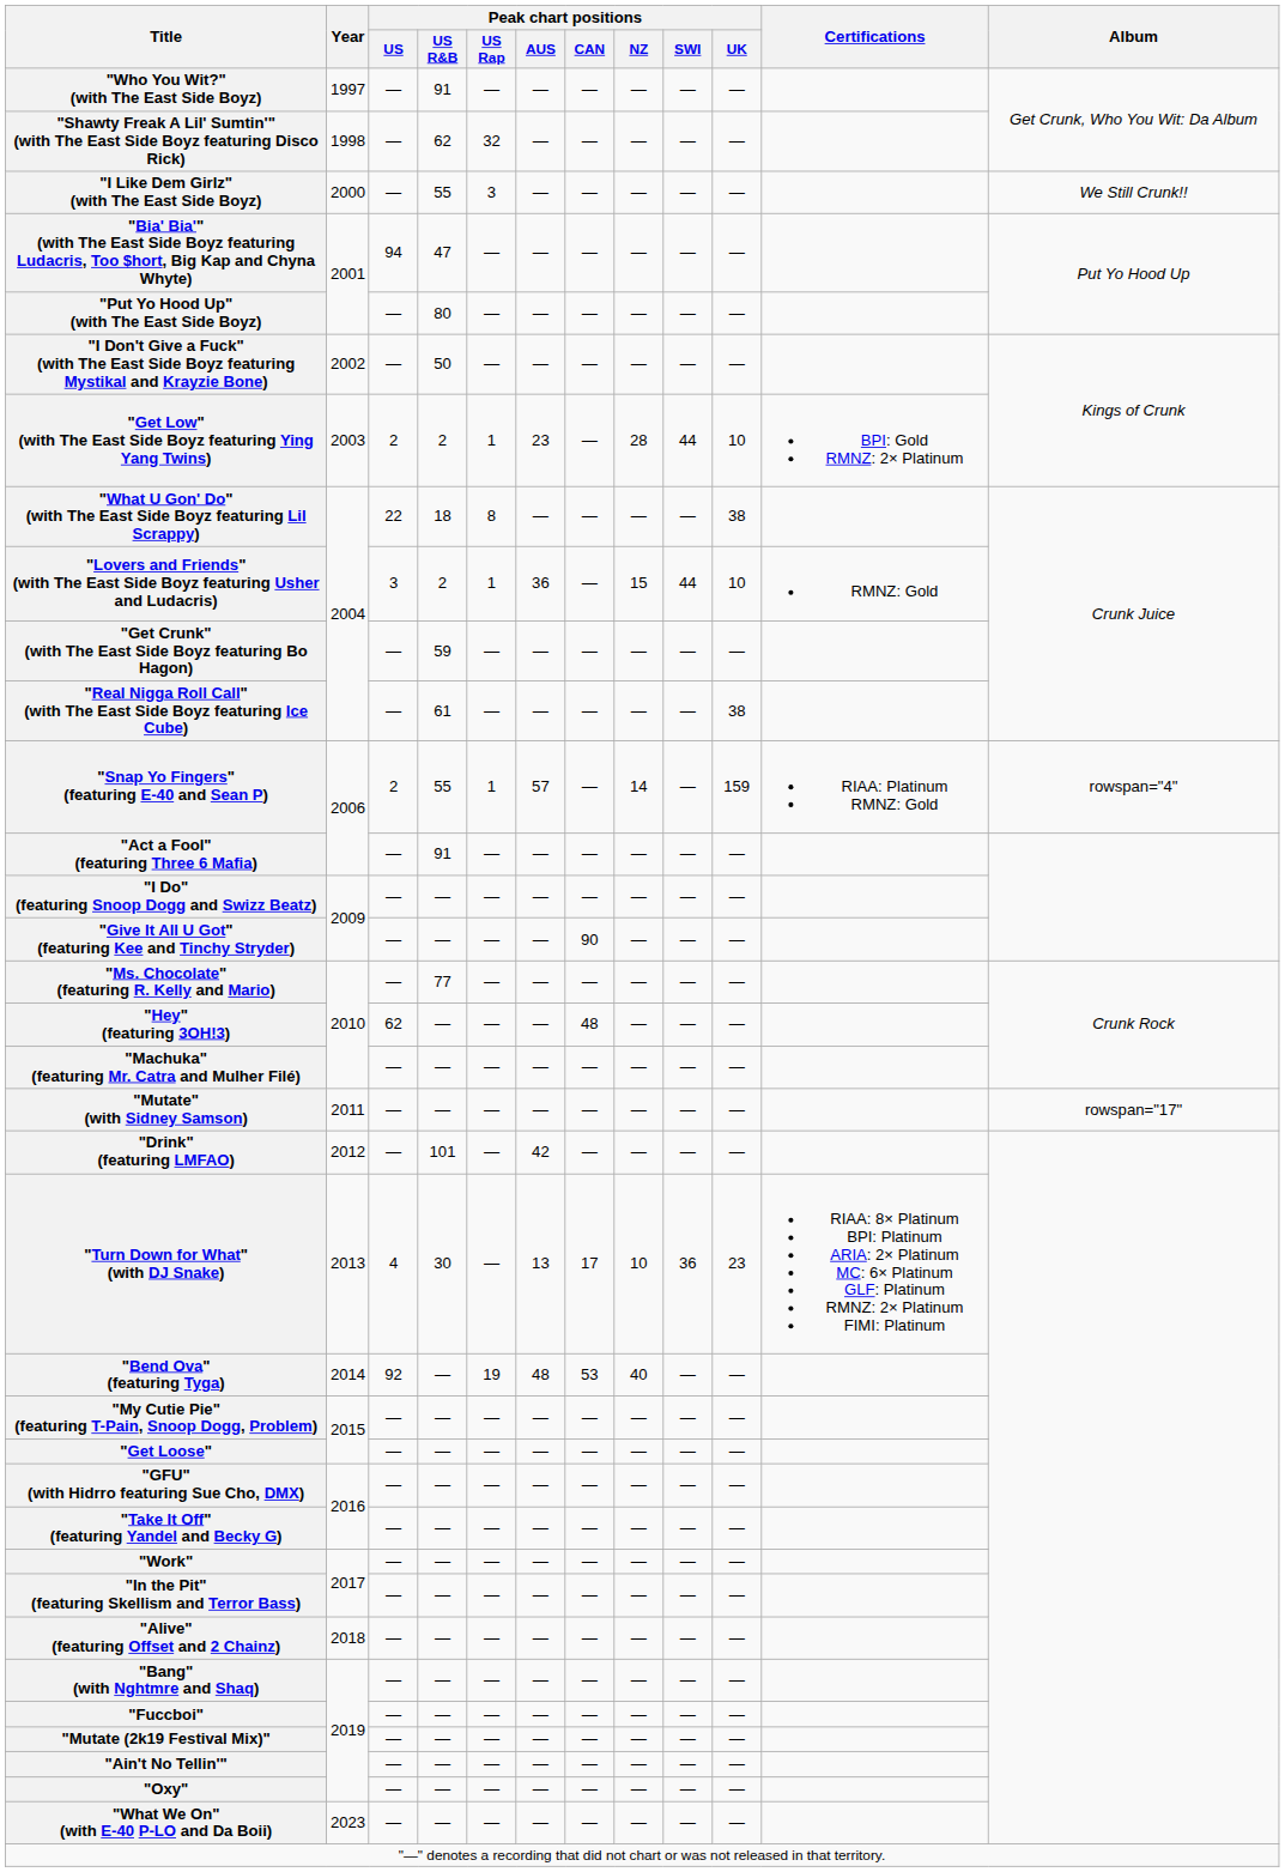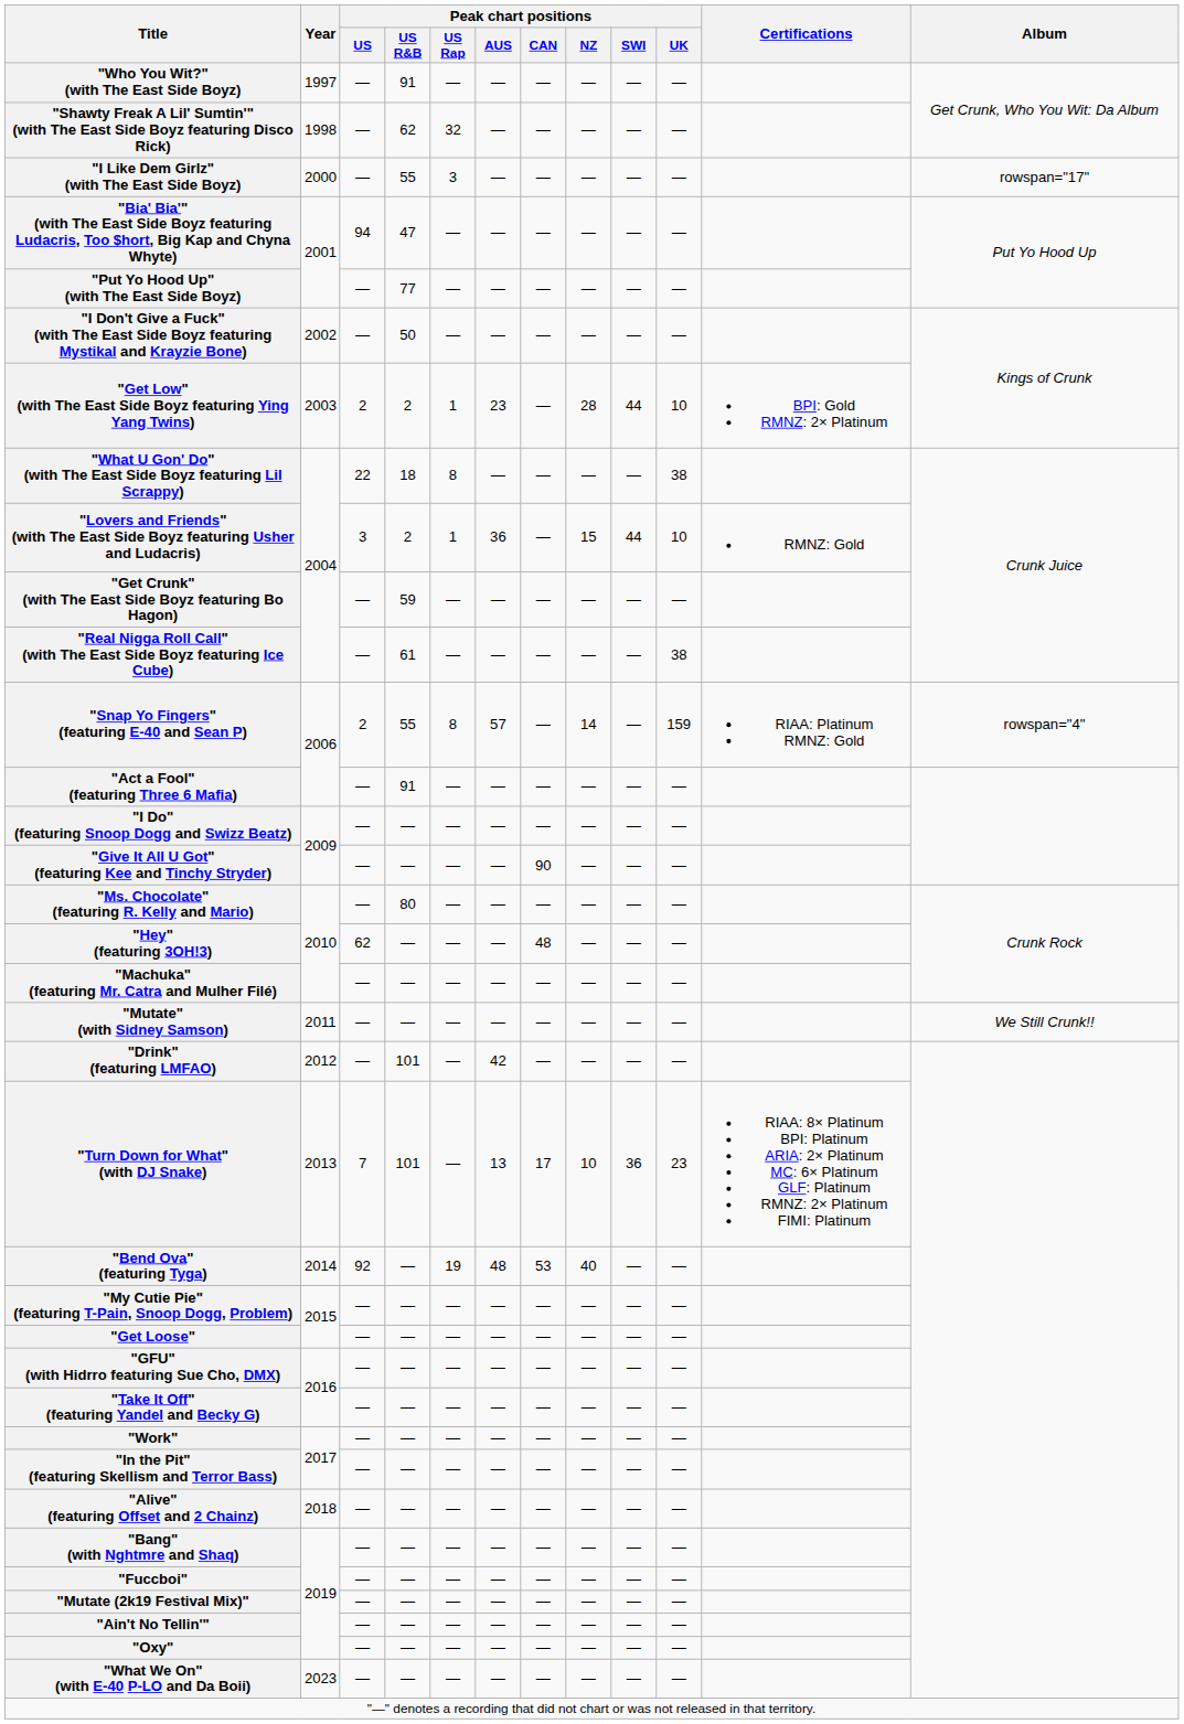 <table class="wikitable plainrowheaders" style="text-align:center;" border="1">
 <tr>
 <th scope="col" rowspan="2" style="width:20em;">Title</th>
 <th scope="col" rowspan="2" style="width:1em;">Year</th>
 <th scope="col" colspan="8">Peak chart positions</th>
 <th scope="col" rowspan="2" style="width:14em;"><a href='#'>Certifications</a></th>
 <th scope="col" rowspan="2" style="width:18em;">Album</th>
 </tr>
 <tr>
 <th style="width:3em; font-size:90%"><a href='#'>US</a><br></th>
 <th style="width:3em; font-size:90%"><a href='#'>US<br>R&B</a><br></th>
 <th style="width:3em; font-size:90%"><a href='#'>US<br>Rap</a><br></th>
 <th style="width:3em; font-size:90%"><a href='#'>AUS</a><br></th>
 <th style="width:3em; font-size:90%"><a href='#'>CAN</a><br></th>
 <th style="width:3em; font-size:90%"><a href='#'>NZ</a><br></th>
 <th style="width:3em; font-size:90%"><a href='#'>SWI</a><br></th>
 <th style="width:3em; font-size:90%"><a href='#'>UK</a><br></th>
 </tr>
 <tr>
 <th scope="row">"Who You Wit?"<br><span>(with The East Side Boyz)</span></th>
 <td>1997</td>
 <td>—</td>
 <td>91</td>
 <td>—</td>
 <td>—</td>
 <td>—</td>
 <td>—</td>
 <td>—</td>
 <td>—</td>
 <td></td>
 <td rowspan="2"><em>Get Crunk, Who You Wit: Da Album</em></td>
 </tr>
 <tr>
 <th scope="row">"Shawty Freak A Lil' Sumtin'"<br><span>(with The East Side Boyz featuring Disco Rick)</span></th>
 <td>1998</td>
 <td>—</td>
 <td>62</td>
 <td>32</td>
 <td>—</td>
 <td>—</td>
 <td>—</td>
 <td>—</td>
 <td>—</td>
 <td></td>
 </tr>
 <tr>
 <th scope="row">"I Like Dem Girlz"<br><span>(with The East Side Boyz)</span></th>
 <td>2000</td>
 <td>—</td>
 <td>55</td>
 <td>3</td>
 <td>—</td>
 <td>—</td>
 <td>—</td>
 <td>—</td>
 <td>—</td>
 <td></td>
-<td><em>We Still Crunk!!</em></td>
+<td>rowspan="17" </td>
 </tr>
 <tr>
 <th scope="row">"<a href='#'>Bia' Bia'</a>"<br><span>(with The East Side Boyz featuring <a href='#'>Ludacris</a>, <a href='#'>Too $hort</a>, Big Kap and Chyna Whyte)</span></th>
 <td rowspan="2">2001</td>
 <td>94</td>
 <td>47</td>
 <td>—</td>
 <td>—</td>
 <td>—</td>
 <td>—</td>
 <td>—</td>
 <td>—</td>
 <td></td>
 <td rowspan="2"><em>Put Yo Hood Up</em></td>
 </tr>
 <tr>
 <th scope="row">"Put Yo Hood Up"<br><span>(with The East Side Boyz)</span></th>
 <td>—</td>
-<td>80</td>
+<td>77</td>
 <td>—</td>
 <td>—</td>
 <td>—</td>
 <td>—</td>
 <td>—</td>
 <td>—</td>
 <td></td>
 </tr>
 <tr>
 <th scope="row">"I Don't Give a Fuck"<br><span>(with The East Side Boyz featuring <a href='#'>Mystikal</a> and <a href='#'>Krayzie Bone</a>)</span></th>
 <td>2002</td>
 <td>—</td>
 <td>50</td>
 <td>—</td>
 <td>—</td>
 <td>—</td>
 <td>—</td>
 <td>—</td>
 <td>—</td>
 <td></td>
 <td rowspan="2"><em>Kings of Crunk</em></td>
 </tr>
 <tr>
 <th scope="row">"<a href='#'>Get Low</a>"<br><span>(with The East Side Boyz featuring <a href='#'>Ying Yang Twins</a>)</span></th>
 <td>2003</td>
 <td>2</td>
 <td>2</td>
 <td>1</td>
 <td>23</td>
 <td>—</td>
 <td>28</td>
 <td>44</td>
 <td>10</td>
 <td><br><ul><li><a href='#'>BPI</a>: Gold</li><li><a href='#'>RMNZ</a>: 2× Platinum</li></ul></td>
 </tr>
 <tr>
 <th scope="row">"<a href='#'>What U Gon' Do</a>"<br><span>(with The East Side Boyz featuring <a href='#'>Lil Scrappy</a>)</span></th>
 <td rowspan="4">2004</td>
 <td>22</td>
 <td>18</td>
 <td>8</td>
 <td>—</td>
 <td>—</td>
 <td>—</td>
 <td>—</td>
 <td>38</td>
 <td></td>
 <td rowspan="4"><em>Crunk Juice</em></td>
 </tr>
 <tr>
 <th scope="row">"<a href='#'>Lovers and Friends</a>"<br><span>(with The East Side Boyz featuring <a href='#'>Usher</a> and Ludacris)</span></th>
 <td>3</td>
 <td>2</td>
 <td>1</td>
 <td>36</td>
 <td>—</td>
 <td>15</td>
 <td>44</td>
 <td>10</td>
 <td><br><ul><li>RMNZ: Gold</li></ul></td>
 </tr>
 <tr>
 <th scope="row">"Get Crunk"<br><span>(with The East Side Boyz featuring Bo Hagon)</span></th>
 <td>—</td>
 <td>59</td>
 <td>—</td>
 <td>—</td>
 <td>—</td>
 <td>—</td>
 <td>—</td>
 <td>—</td>
 </tr>
 <tr>
 <th scope="row">"<a href='#'>Real Nigga Roll Call</a>"<br><span>(with The East Side Boyz featuring <a href='#'>Ice Cube</a>)</span></th>
 <td>—</td>
 <td>61</td>
 <td>—</td>
 <td>—</td>
 <td>—</td>
 <td>—</td>
 <td>—</td>
 <td>38</td>
 <td></td>
 </tr>
 <tr>
 <th scope="row">"<a href='#'>Snap Yo Fingers</a>"<br><span>(featuring <a href='#'>E-40</a> and <a href='#'>Sean P</a>)</span></th>
 <td rowspan="2">2006</td>
 <td>2</td>
 <td>55</td>
-<td>1</td>
+<td>8</td>
 <td>57</td>
 <td>—</td>
 <td>14</td>
 <td>—</td>
 <td>159</td>
 <td><br><ul><li>RIAA: Platinum</li><li>RMNZ: Gold</li></ul></td>
 <td>rowspan="4" </td>
 </tr>
 <tr>
 <th scope="row">"Act a Fool"<br><span>(featuring <a href='#'>Three 6 Mafia</a>)</span></th>
 <td>—</td>
 <td>91</td>
 <td>—</td>
 <td>—</td>
 <td>—</td>
 <td>—</td>
 <td>—</td>
 <td>—</td>
 <td></td>
 </tr>
 <tr>
 <th scope="row">"I Do"<br><span>(featuring <a href='#'>Snoop Dogg</a> and <a href='#'>Swizz Beatz</a>)</span></th>
 <td rowspan="2">2009</td>
 <td>—</td>
 <td>—</td>
 <td>—</td>
 <td>—</td>
 <td>—</td>
 <td>—</td>
 <td>—</td>
 <td>—</td>
 <td></td>
 </tr>
 <tr>
 <th scope="row">"<a href='#'>Give It All U Got</a>"<br><span>(featuring <a href='#'>Kee</a> and <a href='#'>Tinchy Stryder</a>)</span></th>
 <td>—</td>
 <td>—</td>
 <td>—</td>
 <td>—</td>
 <td>90</td>
 <td>—</td>
 <td>—</td>
 <td>—</td>
 <td></td>
 </tr>
 <tr>
 <th scope="row">"<a href='#'>Ms. Chocolate</a>"<br><span>(featuring <a href='#'>R. Kelly</a> and <a href='#'>Mario</a>)</span></th>
 <td rowspan="3">2010</td>
 <td>—</td>
-<td>77</td>
+<td>80</td>
 <td>—</td>
 <td>—</td>
 <td>—</td>
 <td>—</td>
 <td>—</td>
 <td>—</td>
 <td></td>
 <td rowspan="3"><em>Crunk Rock</em></td>
 </tr>
 <tr>
 <th scope="row">"<a href='#'>Hey</a>"<br><span>(featuring <a href='#'>3OH!3</a>)</span></th>
 <td>62</td>
 <td>—</td>
 <td>—</td>
 <td>—</td>
 <td>48</td>
 <td>—</td>
 <td>—</td>
 <td>—</td>
 <td></td>
 </tr>
 <tr>
 <th scope="row">"Machuka"<br><span>(featuring <a href='#'>Mr. Catra</a> and Mulher Filé)</span></th>
 <td>—</td>
 <td>—</td>
 <td>—</td>
 <td>—</td>
 <td>—</td>
 <td>—</td>
 <td>—</td>
 <td>—</td>
 <td></td>
 </tr>
 <tr>
 <th scope="row">"Mutate"<br><span>(with <a href='#'>Sidney Samson</a>)</span></th>
 <td>2011</td>
 <td>—</td>
 <td>—</td>
 <td>—</td>
 <td>—</td>
 <td>—</td>
 <td>—</td>
 <td>—</td>
 <td>—</td>
 <td></td>
-<td>rowspan="17" </td>
+<td><em>We Still Crunk!!</em></td>
 </tr>
 <tr>
 <th scope="row">"Drink"<br><span>(featuring <a href='#'>LMFAO</a>)</span></th>
 <td>2012</td>
 <td>—</td>
 <td>101</td>
 <td>—</td>
 <td>42</td>
 <td>—</td>
 <td>—</td>
 <td>—</td>
 <td>—</td>
 <td></td>
 </tr>
 <tr>
 <th scope="row">"<a href='#'>Turn Down for What</a>"<br><span>(with <a href='#'>DJ Snake</a>)</span></th>
 <td>2013</td>
-<td>4</td>
-<td>30</td>
+<td>7</td>
+<td>101</td>
 <td>—</td>
 <td>13</td>
 <td>17</td>
 <td>10</td>
 <td>36</td>
 <td>23</td>
 <td><br><ul><li>RIAA: 8× Platinum</li><li>BPI: Platinum</li><li><a href='#'>ARIA</a>: 2× Platinum</li><li><a href='#'>MC</a>: 6× Platinum</li><li><a href='#'>GLF</a>: Platinum</li><li>RMNZ: 2× Platinum</li><li>FIMI: Platinum</li></ul></td>
 </tr>
 <tr>
 <th scope="row">"<a href='#'>Bend Ova</a>"<br><span>(featuring <a href='#'>Tyga</a>)</span></th>
 <td>2014</td>
 <td>92</td>
 <td>—</td>
 <td>19</td>
 <td>48</td>
 <td>53</td>
 <td>40</td>
 <td>—</td>
 <td>—</td>
 <td></td>
 </tr>
 <tr>
 <th scope="row">"My Cutie Pie"<br><span>(featuring <a href='#'>T-Pain</a>, <a href='#'>Snoop Dogg</a>, <a href='#'>Problem</a>)</span></th>
 <td rowspan="2">2015</td>
 <td>—</td>
 <td>—</td>
 <td>—</td>
 <td>—</td>
 <td>—</td>
 <td>—</td>
 <td>—</td>
 <td>—</td>
 <td></td>
 </tr>
 <tr>
 <th scope="row">"<a href='#'>Get Loose</a>"</th>
 <td>—</td>
 <td>—</td>
 <td>—</td>
 <td>—</td>
 <td>—</td>
 <td>—</td>
 <td>—</td>
 <td>—</td>
 <td></td>
 </tr>
 <tr>
 <th scope="row">"GFU"<br><span>(with Hidrro featuring Sue Cho, <a href='#'>DMX</a>)</span></th>
 <td rowspan="2">2016</td>
 <td>—</td>
 <td>—</td>
 <td>—</td>
 <td>—</td>
 <td>—</td>
 <td>—</td>
 <td>—</td>
 <td>—</td>
 <td></td>
 </tr>
 <tr>
 <th scope="row">"<a href='#'>Take It Off</a>"<br><span>(featuring <a href='#'>Yandel</a> and <a href='#'>Becky G</a>)</span></th>
 <td>—</td>
 <td>—</td>
 <td>—</td>
 <td>—</td>
 <td>—</td>
 <td>—</td>
 <td>—</td>
 <td>—</td>
 <td></td>
 </tr>
 <tr>
 <th scope="row">"Work"</th>
 <td rowspan="2">2017</td>
 <td>—</td>
 <td>—</td>
 <td>—</td>
 <td>—</td>
 <td>—</td>
 <td>—</td>
 <td>—</td>
 <td>—</td>
 <td></td>
 </tr>
 <tr>
 <th scope="row">"In the Pit"<br><span>(featuring Skellism and <a href='#'>Terror Bass</a>)</span></th>
 <td>—</td>
 <td>—</td>
 <td>—</td>
 <td>—</td>
 <td>—</td>
 <td>—</td>
 <td>—</td>
 <td>—</td>
 <td></td>
 </tr>
 <tr>
 <th scope="row">"Alive"<br><span>(featuring <a href='#'>Offset</a> and <a href='#'>2 Chainz</a>)</span></th>
 <td>2018</td>
 <td>—</td>
 <td>—</td>
 <td>—</td>
 <td>—</td>
 <td>—</td>
 <td>—</td>
 <td>—</td>
 <td>—</td>
 <td></td>
 </tr>
 <tr>
 <th scope="row">"Bang" <br><span>(with <a href='#'>Nghtmre</a> and <a href='#'>Shaq</a>)</span></th>
 <td rowspan="5">2019</td>
 <td>—</td>
 <td>—</td>
 <td>—</td>
 <td>—</td>
 <td>—</td>
 <td>—</td>
 <td>—</td>
 <td>—</td>
 <td></td>
 </tr>
 <tr>
 <th scope="row">"Fuccboi"</th>
 <td>—</td>
 <td>—</td>
 <td>—</td>
 <td>—</td>
 <td>—</td>
 <td>—</td>
 <td>—</td>
 <td>—</td>
 <td></td>
 </tr>
 <tr>
 <th scope="row">"Mutate (2k19 Festival Mix)"<br></th>
 <td>—</td>
 <td>—</td>
 <td>—</td>
 <td>—</td>
 <td>—</td>
 <td>—</td>
 <td>—</td>
 <td>—</td>
 <td></td>
 </tr>
 <tr>
 <th scope="row">"Ain't No Tellin'"<br></th>
 <td>—</td>
 <td>—</td>
 <td>—</td>
 <td>—</td>
 <td>—</td>
 <td>—</td>
 <td>—</td>
 <td>—</td>
 <td></td>
 </tr>
 <tr>
 <th scope="row">"Oxy"<br></th>
 <td>—</td>
 <td>—</td>
 <td>—</td>
 <td>—</td>
 <td>—</td>
 <td>—</td>
 <td>—</td>
 <td>—</td>
 <td></td>
 </tr>
 <tr>
 <th scope="row">"What We On"<br><span>(with <a href='#'>E-40</a> <a href='#'>P-LO</a> and Da Boii)</span></th>
 <td>2023</td>
 <td>—</td>
 <td>—</td>
 <td>—</td>
 <td>—</td>
 <td>—</td>
 <td>—</td>
 <td>—</td>
 <td>—</td>
 <td></td>
 </tr>
 <tr>
 <td colspan="12" style="font-size:90%">"—" denotes a recording that did not chart or was not released in that territory.</td>
 </tr>
 </table>
